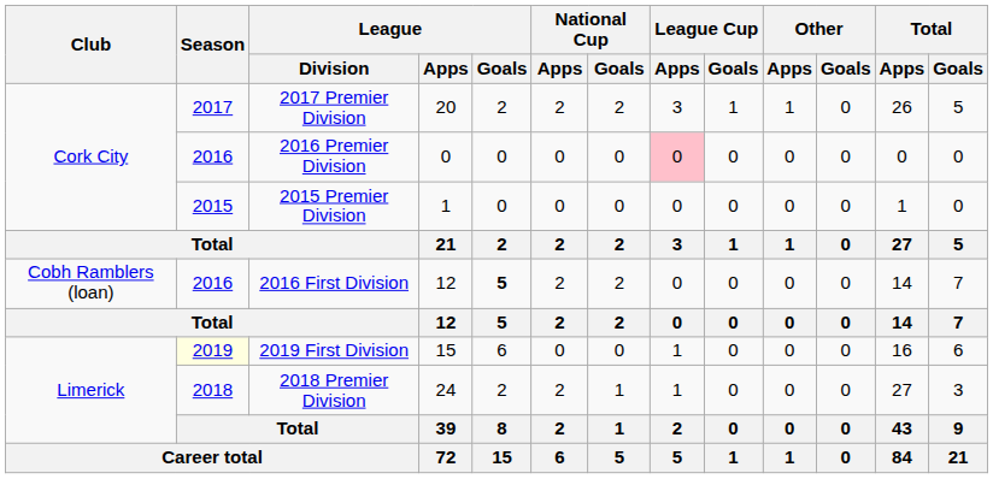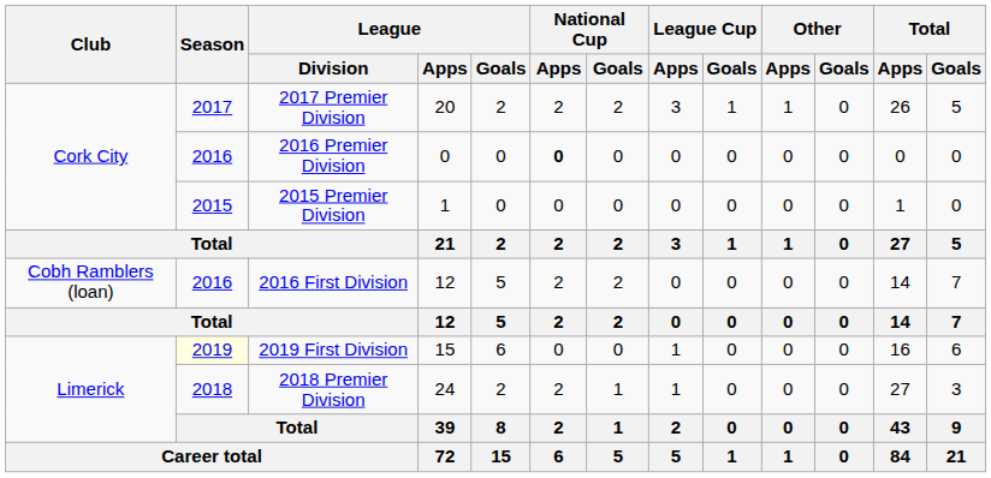 <table class=wikitable style="text-align:center">
 <tr>
 <th rowspan=2>Club</th>
 <th rowspan=2>Season</th>
 <th colspan=3>League</th>
 <th colspan=2>National Cup</th>
 <th colspan=2>League Cup</th>
 <th colspan=2>Other</th>
 <th colspan=2>Total</th>
 </tr>
 <tr>
 <th>Division</th>
 <th>Apps</th>
 <th>Goals</th>
 <th>Apps</th>
 <th>Goals</th>
 <th>Apps</th>
 <th>Goals</th>
 <th>Apps</th>
 <th>Goals</th>
 <th>Apps</th>
 <th>Goals</th>
 </tr>
 <tr>
 <td rowspan=3><a href='#'>Cork City</a></td>
 <td><a href='#'>2017</a></td>
 <td><a href='#'>2017 Premier Division</a></td>
 <td>20</td>
 <td>2</td>
 <td>2</td>
 <td>2</td>
 <td>3</td>
 <td>1</td>
 <td>1</td>
 <td>0</td>
 <td>26</td>
 <td>5</td>
 </tr>
 <tr>
 <td><a href='#'>2016</a></td>
 <td><a href='#'>2016 Premier Division</a></td>
 <td>0</td>
 <td>0</td>
+<td><strong>0</strong></td>
 <td>0</td>
 <td>0</td>
-<td style="background: pink;">0</td>
 <td>0</td>
 <td>0</td>
 <td>0</td>
 <td>0</td>
 <td>0</td>
 </tr>
 <tr>
 <td><a href='#'>2015</a></td>
 <td><a href='#'>2015 Premier Division</a></td>
 <td>1</td>
 <td>0</td>
 <td>0</td>
 <td>0</td>
 <td>0</td>
 <td>0</td>
 <td>0</td>
 <td>0</td>
 <td>1</td>
 <td>0</td>
 </tr>
 <tr>
 <th colspan=3>Total</th>
 <th>21</th>
 <th>2</th>
 <th>2</th>
 <th>2</th>
 <th>3</th>
 <th>1</th>
 <th>1</th>
 <th>0</th>
 <th>27</th>
 <th>5</th>
 </tr>
 <tr>
 <td><a href='#'>Cobh Ramblers</a> (loan)</td>
 <td><a href='#'>2016</a></td>
 <td><a href='#'>2016 First Division</a></td>
 <td>12</td>
-<td><strong>5</strong></td>
+<td>5</td>
 <td>2</td>
 <td>2</td>
 <td>0</td>
 <td>0</td>
 <td>0</td>
 <td>0</td>
 <td>14</td>
 <td>7</td>
 </tr>
 <tr>
 <th colspan=3>Total</th>
 <th>12</th>
 <th>5</th>
 <th>2</th>
 <th>2</th>
 <th>0</th>
 <th>0</th>
 <th>0</th>
 <th>0</th>
 <th>14</th>
 <th>7</th>
 </tr>
 <tr>
 <td rowspan=3><a href='#'>Limerick</a></td>
 <td style="background: lightyellow;"><a href='#'>2019</a></td>
 <td><a href='#'>2019 First Division</a></td>
 <td>15</td>
 <td>6</td>
 <td>0</td>
 <td>0</td>
 <td>1</td>
 <td>0</td>
 <td>0</td>
 <td>0</td>
 <td>16</td>
 <td>6</td>
 </tr>
 <tr>
 <td><a href='#'>2018</a></td>
 <td><a href='#'>2018 Premier Division</a></td>
 <td>24</td>
 <td>2</td>
 <td>2</td>
 <td>1</td>
 <td>1</td>
 <td>0</td>
 <td>0</td>
 <td>0</td>
 <td>27</td>
 <td>3</td>
 </tr>
 <tr>
 <th colspan=2>Total</th>
 <th>39</th>
 <th>8</th>
 <th>2</th>
 <th>1</th>
 <th>2</th>
 <th>0</th>
 <th>0</th>
 <th>0</th>
 <th>43</th>
 <th>9</th>
 </tr>
 <tr>
 <th colspan=3>Career total</th>
 <th>72</th>
 <th>15</th>
 <th>6</th>
 <th>5</th>
 <th>5</th>
 <th>1</th>
 <th>1</th>
 <th>0</th>
 <th>84</th>
 <th>21</th>
 </tr>
 </table>
